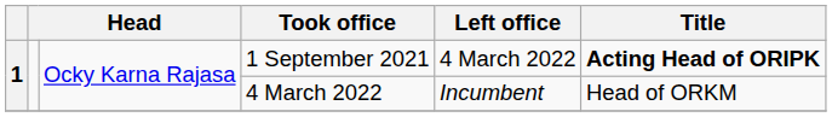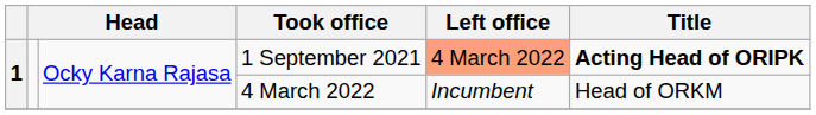 <table class="wikitable sortable">
 <tr>
 <th></th>
 <th colspan="2">Head</th>
 <th>Took office</th>
 <th>Left office</th>
 <th>Title</th>
 </tr>
 <tr>
 <th rowspan="2">1</th>
 <td rowspan="2"></td>
 <td rowspan="2"><a href='#'>Ocky Karna Rajasa</a></td>
 <td align="center">1 September 2021</td>
-<td align="center">4 March 2022</td>
+<td align="center" style="background: lightsalmon;">4 March 2022</td>
 <td align="center"><strong>Acting Head of ORIPK</strong></td>
 </tr>
 <tr>
 <td>4 March 2022</td>
 <td><em>Incumbent</em></td>
 <td>Head of ORKM</td>
 </tr>
 <tr>
 </tr>
 </table>
